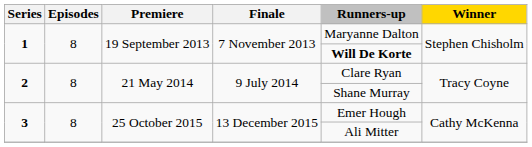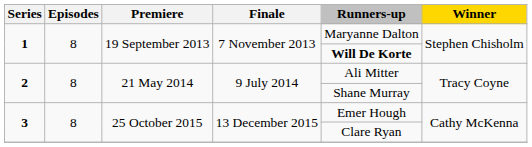 <table class="wikitable"  style="text-align:center; line-height:16px;">
 <tr>
 <th scope="col">Series</th>
 <th scope="col">Episodes</th>
 <th scope="col">Premiere</th>
 <th scope="col">Finale</th>
 <th style="background:silver;">Runners-up</th>
 <th style="background:gold;">Winner</th>
 </tr>
 <tr>
 <td rowspan="2"><strong>1</strong></td>
 <td rowspan="2">8</td>
 <td rowspan="2">19 September 2013</td>
 <td rowspan="2">7 November 2013</td>
 <td>Maryanne Dalton</td>
 <td rowspan="2">Stephen Chisholm</td>
 </tr>
 <tr>
 <td><strong>Will De Korte</strong></td>
 </tr>
 <tr>
 <td rowspan="2"><strong>2</strong></td>
 <td rowspan="2">8</td>
 <td rowspan="2">21 May 2014</td>
 <td rowspan="2">9 July 2014</td>
-<td>Clare Ryan</td>
+<td>Ali Mitter</td>
 <td rowspan="2">Tracy Coyne</td>
 </tr>
 <tr>
 <td>Shane Murray</td>
 </tr>
 <tr>
 <td rowspan="2"><strong>3</strong></td>
 <td rowspan="2">8</td>
 <td rowspan="2">25 October 2015</td>
 <td rowspan="2">13 December 2015</td>
 <td>Emer Hough</td>
 <td rowspan="2">Cathy McKenna</td>
 </tr>
 <tr>
-<td>Ali Mitter</td>
+<td>Clare Ryan</td>
 </tr>
 <tr>
 </tr>
 </table>
